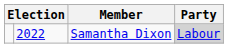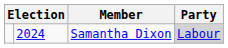 <table class="wikitable">
 <tr>
 <th colspan="2">Election</th>
 <th>Member</th>
 <th>Party</th>
 </tr>
 <tr>
 <td style="color:inherit;background-color: "></td>
-<td><a href='#'>2022</a></td>
+<td><a href='#'>2024</a></td>
 <td><a href='#'>Samantha Dixon</a></td>
 <td style="background: lightgrey;"><a href='#'>Labour</a></td>
 </tr>
 </table>
